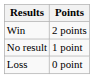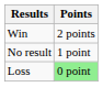 <table class="wikitable">
 <tr>
 <th>Results</th>
 <th>Points</th>
 </tr>
 <tr>
 <td>Win</td>
 <td>2 points</td>
 </tr>
 <tr>
 <td>No result</td>
 <td>1 point</td>
 </tr>
 <tr>
 <td>Loss</td>
-<td>0 point</td>
+<td style="background: lightgreen;">0 point</td>
 </tr>
 </table>
